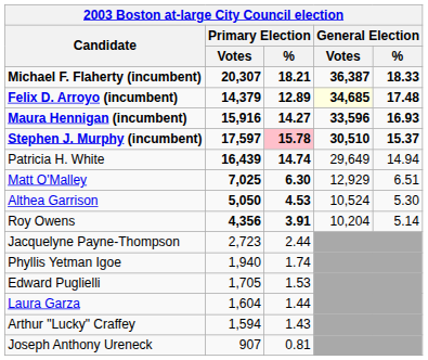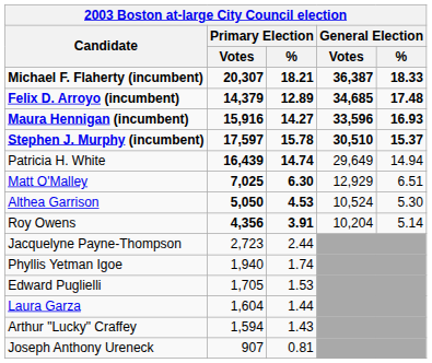 <table class=wikitable>
 <tr>
 <th colspan=5><a href='#'>2003 Boston at-large City Council election</a></th>
 </tr>
 <tr>
 <th colspan=1 rowspan=2>Candidate</th>
 <th colspan=2><strong>Primary Election</strong></th>
 <th colspan=2><strong>General Election</strong></th>
 </tr>
 <tr>
 <th>Votes</th>
 <th>%</th>
 <th>Votes</th>
 <th>%</th>
 </tr>
 <tr>
 <td><strong>Michael F. Flaherty (incumbent)</strong></td>
 <td align="right"><strong>20,307</strong></td>
 <td align="right"><strong>18.21</strong></td>
 <td align="right"><strong>36,387</strong></td>
 <td align="right"><strong>18.33</strong></td>
 </tr>
 <tr>
 <td><strong><a href='#'>Felix D. Arroyo</a> (incumbent)</strong></td>
 <td align="right"><strong>14,379</strong></td>
 <td align="right"><strong>12.89</strong></td>
-<td align="right" style="background: lightyellow;"><strong>34,685</strong></td>
+<td align="right"><strong>34,685</strong></td>
 <td align="right"><strong>17.48</strong></td>
 </tr>
 <tr>
 <td><strong><a href='#'>Maura Hennigan</a> (incumbent)</strong></td>
 <td align="right"><strong>15,916</strong></td>
 <td align="right"><strong>14.27</strong></td>
 <td align="right"><strong>33,596</strong></td>
 <td align="right"><strong>16.93</strong></td>
 </tr>
 <tr>
 <td><strong><a href='#'>Stephen J. Murphy</a> (incumbent)</strong></td>
 <td align="right"><strong>17,597</strong></td>
-<td align="right" style="background: pink;"><strong>15.78</strong></td>
+<td align="right"><strong>15.78</strong></td>
 <td align="right"><strong>30,510</strong></td>
 <td align="right"><strong>15.37</strong></td>
 </tr>
 <tr>
 <td>Patricia H. White</td>
 <td align="right"><strong>16,439</strong></td>
 <td align="right"><strong>14.74</strong></td>
 <td align="right">29,649</td>
 <td align="right">14.94</td>
 </tr>
 <tr>
 <td><a href='#'>Matt O'Malley</a></td>
 <td align="right"><strong>7,025</strong></td>
 <td align="right"><strong>6.30</strong></td>
 <td align="right">12,929</td>
 <td align="right">6.51</td>
 </tr>
 <tr>
 <td><a href='#'>Althea Garrison</a></td>
 <td align="right"><strong>5,050</strong></td>
 <td align="right"><strong>4.53</strong></td>
 <td align="right">10,524</td>
 <td align="right">5.30</td>
 </tr>
 <tr>
 <td>Roy Owens</td>
 <td align="right"><strong>4,356</strong></td>
 <td align="right"><strong>3.91</strong></td>
 <td align="right">10,204</td>
 <td align="right">5.14</td>
 </tr>
 <tr>
 <td>Jacquelyne Payne-Thompson</td>
 <td align="right">2,723</td>
 <td align="right">2.44</td>
 <td colspan=4 bgcolor=darkgray> </td>
 </tr>
 <tr>
 <td>Phyllis Yetman Igoe</td>
 <td align="right">1,940</td>
 <td align="right">1.74</td>
 <td colspan=4 bgcolor=darkgray> </td>
 </tr>
 <tr>
 <td>Edward Puglielli</td>
 <td align="right">1,705</td>
 <td align="right">1.53</td>
 <td colspan=4 bgcolor=darkgray> </td>
 </tr>
 <tr>
 <td><a href='#'>Laura Garza</a></td>
 <td align="right">1,604</td>
 <td align="right">1.44</td>
 <td colspan=4 bgcolor=darkgray> </td>
 </tr>
 <tr>
 <td>Arthur "Lucky" Craffey</td>
 <td align="right">1,594</td>
 <td align="right">1.43</td>
 <td colspan=4 bgcolor=darkgray> </td>
 </tr>
 <tr>
 <td>Joseph Anthony Ureneck</td>
 <td align="right">907</td>
 <td align="right">0.81</td>
 <td colspan=4 bgcolor=darkgray> </td>
 </tr>
 </table>
